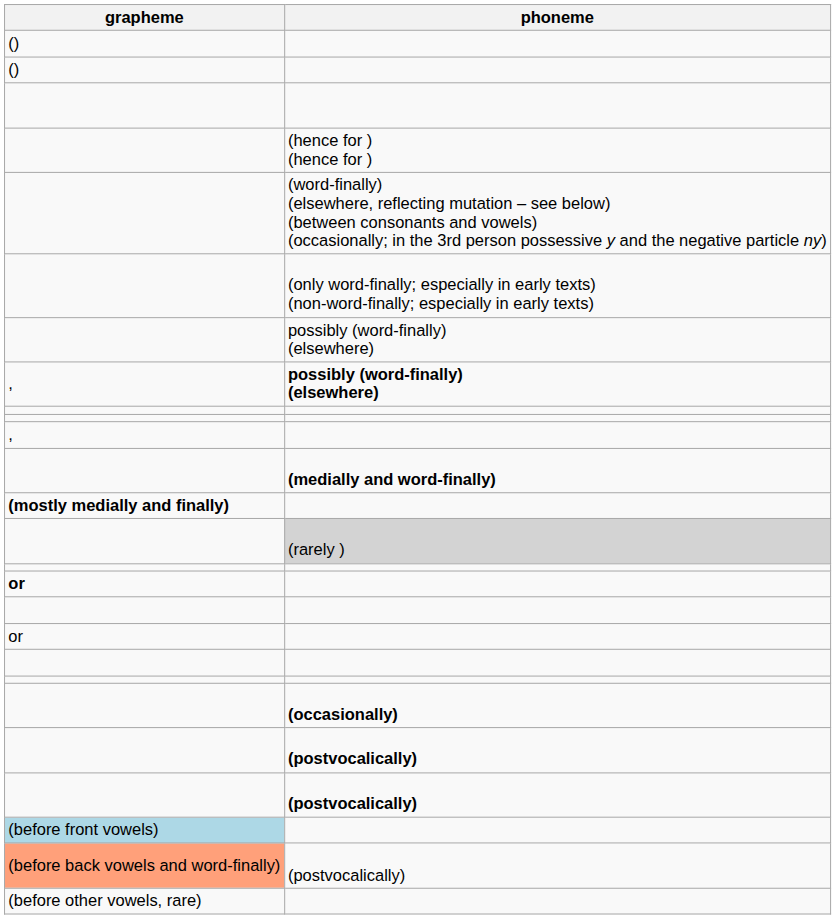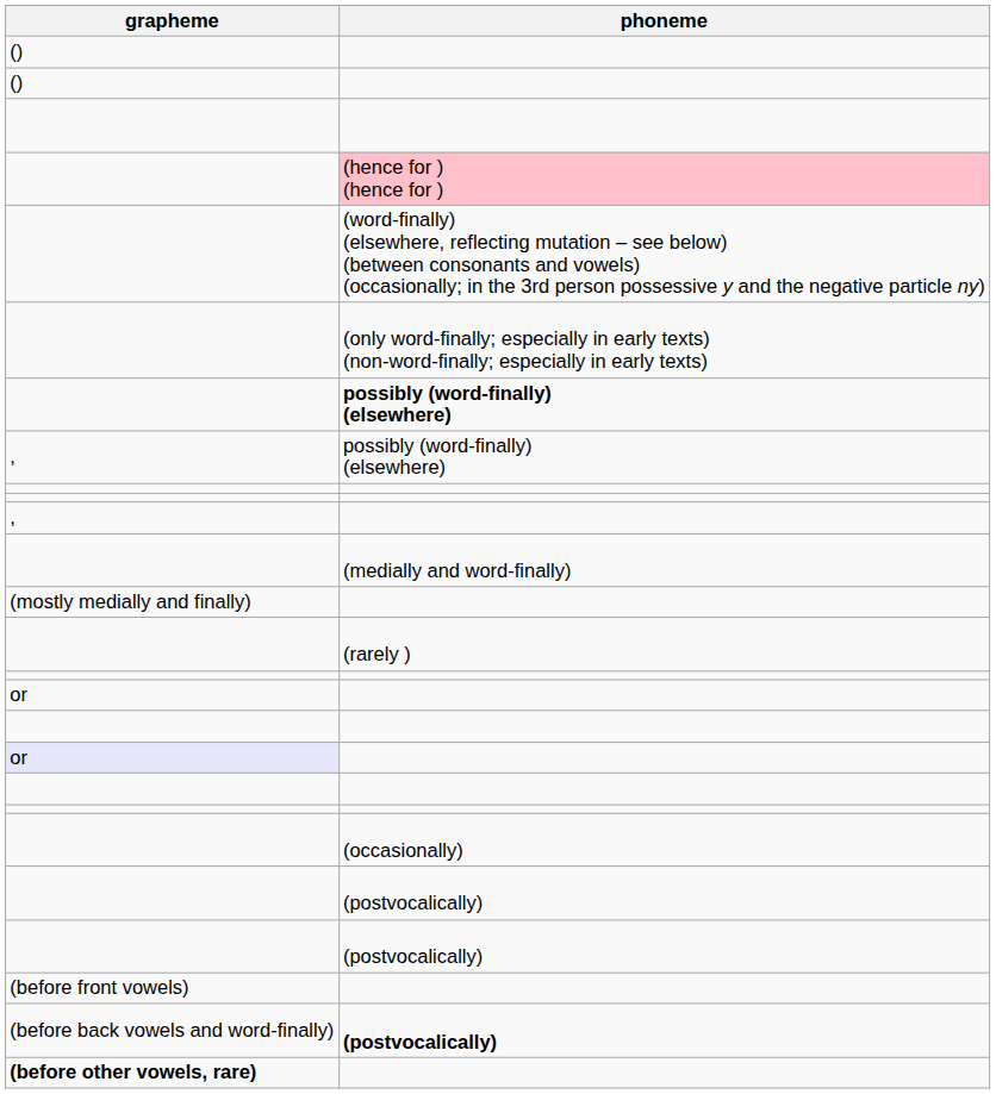 <table class="wikitable">
 <tr>
 <th>grapheme</th>
 <th>phoneme</th>
 </tr>
 <tr>
 <td> ()</td>
 <td></td>
 </tr>
 <tr>
 <td> ()</td>
 <td></td>
 </tr>
 <tr>
 <td></td>
 <td><br><br></td>
 </tr>
 <tr>
 <td></td>
-<td> (hence  for )<br> (hence  for )</td>
+<td style="background: pink;"> (hence  for )<br> (hence  for )</td>
 </tr>
 <tr>
 <td></td>
 <td> (word-finally)<br> (elsewhere, reflecting mutation – see below)<br> (between consonants and vowels)<br> (occasionally; in the 3rd person possessive <em>y</em> and the negative particle <em>ny</em>)</td>
 </tr>
 <tr>
 <td></td>
 <td><br> (only word-finally; especially in early texts)<br> (non-word-finally; especially in early texts)</td>
 </tr>
 <tr>
 <td></td>
-<td>possibly  (word-finally)<br> (elsewhere)</td>
+<td><strong>possibly  (word-finally)<br> (elsewhere)</strong></td>
 </tr>
 <tr>
 <td>, </td>
-<td><strong>possibly  (word-finally)<br> (elsewhere)</strong></td>
+<td>possibly  (word-finally)<br> (elsewhere)</td>
 </tr>
 <tr>
 <td></td>
 <td></td>
 </tr>
 <tr>
 <td></td>
 <td></td>
 </tr>
 <tr>
 <td>, </td>
 <td></td>
 </tr>
 <tr>
 <td></td>
-<td><strong><br> (medially and word-finally)</strong></td>
+<td><br> (medially and word-finally)</td>
 </tr>
 <tr>
-<td><strong> (mostly medially and finally)</strong></td>
+<td> (mostly medially and finally)</td>
 <td></td>
 </tr>
 <tr>
 <td></td>
-<td style="background: lightgrey;"><br>(rarely )</td>
+<td><br>(rarely )</td>
 </tr>
 <tr>
 <td></td>
 <td></td>
 </tr>
 <tr>
-<td><strong> or </strong></td>
+<td> or </td>
 <td></td>
 </tr>
 <tr>
 <td></td>
 <td><br></td>
 </tr>
 <tr>
-<td> or </td>
+<td style="background: lavender;"> or </td>
 <td></td>
 </tr>
 <tr>
 <td></td>
 <td><br></td>
 </tr>
 <tr>
 <td></td>
 <td></td>
 </tr>
 <tr>
 <td></td>
-<td><strong><br> (occasionally)</strong></td>
+<td><br> (occasionally)</td>
 </tr>
 <tr>
 <td></td>
+<td><br> (postvocalically)</td>
+</tr>
+<tr>
+<td></td>
+<td><br> (postvocalically)</td>
+</tr>
+<tr>
+<td> (before front vowels)</td>
+<td></td>
+</tr>
+<tr>
+<td> (before back vowels and word-finally)</td>
 <td><strong><br> (postvocalically)</strong></td>
 </tr>
 <tr>
-<td></td>
-<td><strong><br> (postvocalically)</strong></td>
-</tr>
-<tr>
-<td style="background: lightblue;"> (before front vowels)</td>
-<td></td>
-</tr>
-<tr>
-<td style="background: lightsalmon;"> (before back vowels and word-finally)</td>
-<td><br> (postvocalically)</td>
-</tr>
-<tr>
-<td> (before other vowels, rare)</td>
+<td><strong> (before other vowels, rare)</strong></td>
 <td></td>
 </tr>
 </table>
